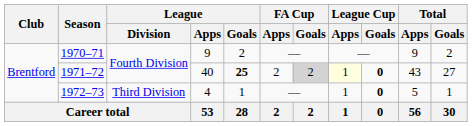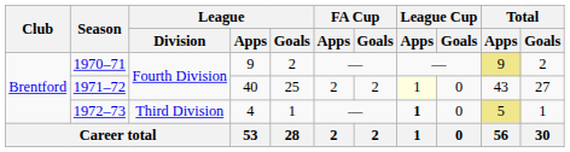 <table class="wikitable" style="text-align: center;">
 <tr>
 <th rowspan="2">Club</th>
 <th rowspan="2">Season</th>
 <th colspan="3">League</th>
 <th colspan="2">FA Cup</th>
 <th colspan="2">League Cup</th>
 <th colspan="2">Total</th>
 </tr>
 <tr>
 <th>Division</th>
 <th>Apps</th>
 <th>Goals</th>
 <th>Apps</th>
 <th>Goals</th>
 <th>Apps</th>
 <th>Goals</th>
 <th>Apps</th>
 <th>Goals</th>
 </tr>
 <tr>
 <td rowspan="3"><a href='#'>Brentford</a></td>
 <td><a href='#'>1970–71</a></td>
 <td rowspan="2"><a href='#'>Fourth Division</a></td>
 <td>9</td>
 <td>2</td>
 <td colspan="2">—</td>
 <td colspan="2">—</td>
-<td>9</td>
+<td style="background: khaki;">9</td>
 <td>2</td>
 </tr>
 <tr>
 <td><a href='#'>1971–72</a></td>
 <td>40</td>
-<td><strong>25</strong></td>
+<td>25</td>
 <td>2</td>
-<td style="background: lightgrey;">2</td>
+<td>2</td>
 <td style="background: lightyellow;">1</td>
-<td><strong>0</strong></td>
+<td>0</td>
 <td>43</td>
 <td>27</td>
 </tr>
 <tr>
 <td><a href='#'>1972–73</a></td>
 <td><a href='#'>Third Division</a></td>
 <td>4</td>
 <td>1</td>
 <td colspan="2">—</td>
-<td>1</td>
-<td><strong>0</strong></td>
-<td>5</td>
+<td><strong>1</strong></td>
+<td>0</td>
+<td style="background: khaki;">5</td>
 <td>1</td>
 </tr>
 <tr>
 <th colspan="3">Career total</th>
 <th>53</th>
 <th>28</th>
 <th>2</th>
 <th>2</th>
 <th>1</th>
 <th>0</th>
 <th>56</th>
 <th>30</th>
 </tr>
 </table>
